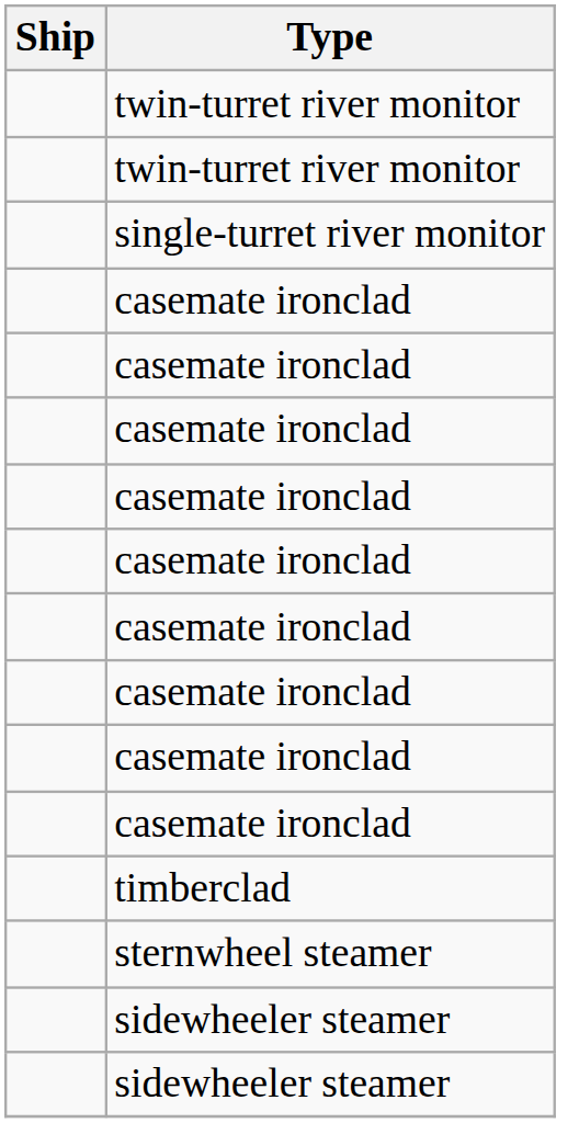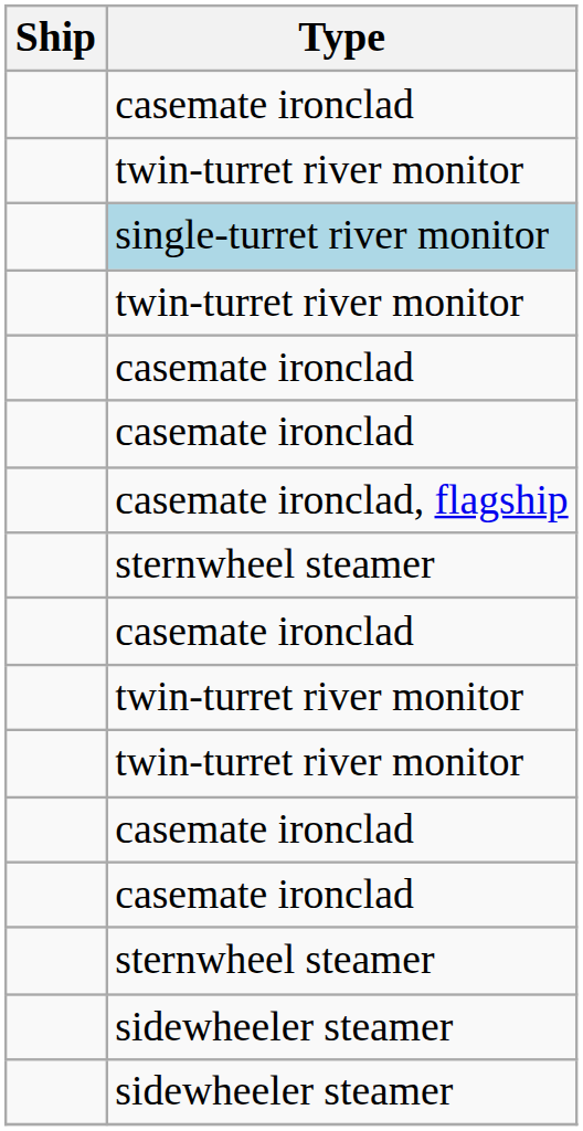 <table class="wikitable">
 <tr>
 <th>Ship</th>
 <th>Type</th>
+</tr>
+<tr>
+<td></td>
+<td> casemate ironclad</td>
+</tr>
+<tr>
+<td></td>
+<td> twin-turret river monitor</td>
+</tr>
+<tr>
+<td></td>
+<td style="background: lightblue;">single-turret river monitor</td>
+</tr>
+<tr>
+<td></td>
+<td> twin-turret river monitor</td>
+</tr>
+<tr>
+<td></td>
+<td>casemate ironclad</td>
+</tr>
+<tr>
+<td></td>
+<td> casemate ironclad</td>
+</tr>
+<tr>
+<td></td>
+<td>casemate ironclad, <a href='#'>flagship</a></td>
+</tr>
+<tr>
+<td></td>
+<td>sternwheel steamer</td>
+</tr>
+<tr>
+<td></td>
+<td> casemate ironclad</td>
 </tr>
 <tr>
 <td></td>
 <td> twin-turret river monitor</td>
 </tr>
 <tr>
 <td></td>
 <td> twin-turret river monitor</td>
 </tr>
 <tr>
 <td></td>
-<td>single-turret river monitor</td>
-</tr>
-<tr>
-<td></td>
-<td>casemate ironclad</td>
-</tr>
-<tr>
-<td></td>
-<td>casemate ironclad</td>
-</tr>
-<tr>
-<td></td>
 <td> casemate ironclad</td>
 </tr>
 <tr>
 <td></td>
 <td> casemate ironclad</td>
-</tr>
-<tr>
-<td></td>
-<td> casemate ironclad</td>
-</tr>
-<tr>
-<td></td>
-<td> casemate ironclad</td>
-</tr>
-<tr>
-<td></td>
-<td> casemate ironclad</td>
-</tr>
-<tr>
-<td></td>
-<td> casemate ironclad</td>
-</tr>
-<tr>
-<td></td>
-<td> casemate ironclad</td>
-</tr>
-<tr>
-<td></td>
-<td>timberclad</td>
 </tr>
 <tr>
 <td></td>
 <td>sternwheel steamer</td>
 </tr>
 <tr>
 <td></td>
 <td>sidewheeler steamer</td>
 </tr>
 <tr>
 <td></td>
 <td>sidewheeler steamer</td>
 </tr>
 <tr>
 </tr>
 </table>
